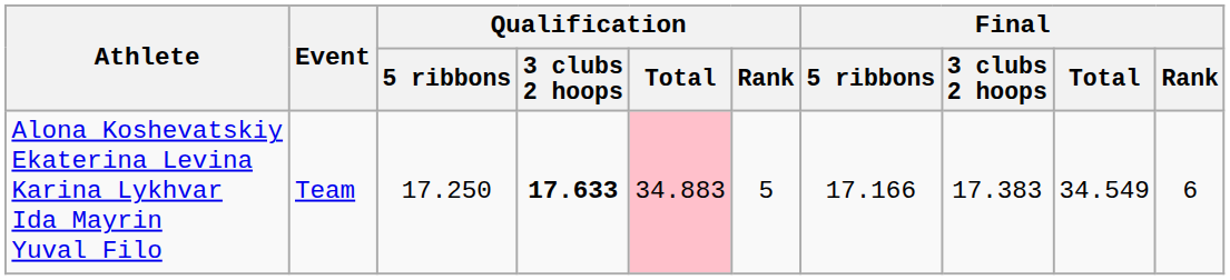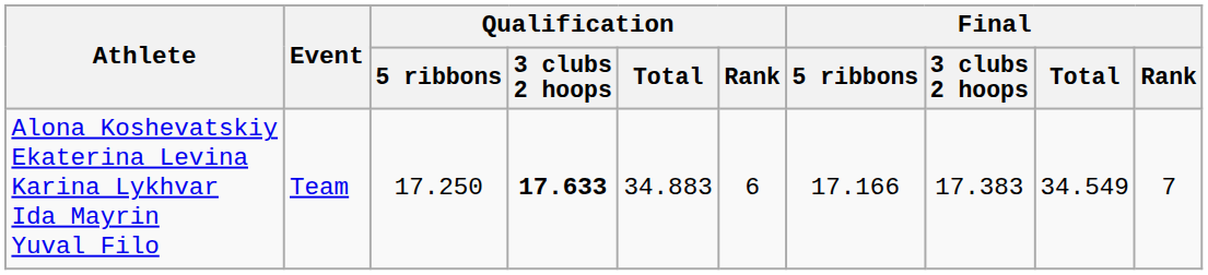 <table class="wikitable" style="font-size:90%">
 <tr>
 <th rowspan="2">Athlete</th>
 <th rowspan="2">Event</th>
 <th colspan="4">Qualification</th>
 <th colspan="4">Final</th>
 </tr>
 <tr style="font-size:95%">
 <th>5 ribbons</th>
 <th>3 clubs<br>2 hoops</th>
 <th>Total</th>
 <th>Rank</th>
 <th>5 ribbons</th>
 <th>3 clubs<br>2 hoops</th>
 <th>Total</th>
 <th>Rank</th>
 </tr>
 <tr align=center>
 <td align=left><a href='#'>Alona Koshevatskiy</a><br><a href='#'>Ekaterina Levina</a><br><a href='#'>Karina Lykhvar</a><br><a href='#'>Ida Mayrin</a><br><a href='#'>Yuval Filo</a></td>
 <td align=left><a href='#'>Team</a></td>
 <td>17.250</td>
 <td><strong>17.633</strong></td>
-<td style="background: pink;">34.883</td>
-<td>5 <strong></strong></td>
+<td>34.883</td>
+<td>6 <strong></strong></td>
 <td>17.166</td>
 <td>17.383</td>
 <td>34.549</td>
-<td>6</td>
+<td>7</td>
 </tr>
 </table>
